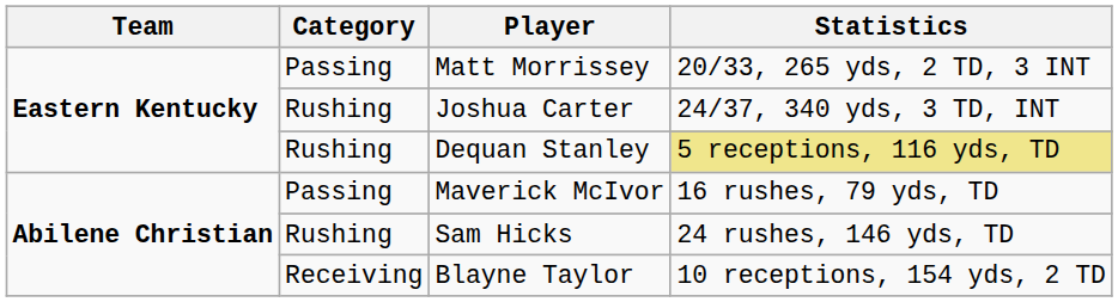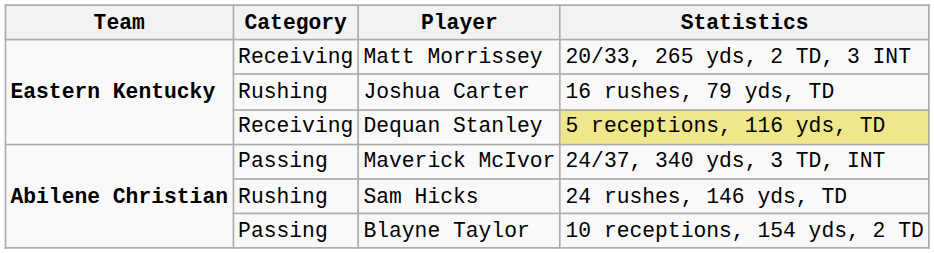 <table class="wikitable" style="float: right;">
 <tr>
 <th>Team</th>
 <th>Category</th>
 <th>Player</th>
 <th>Statistics</th>
 </tr>
 <tr>
 <td rowspan=3><strong>Eastern Kentucky</strong></td>
-<td>Passing</td>
+<td>Receiving</td>
 <td>Matt Morrissey</td>
 <td>20/33, 265 yds, 2 TD, 3 INT</td>
 </tr>
 <tr>
 <td>Rushing</td>
 <td>Joshua Carter</td>
-<td>24/37, 340 yds, 3 TD, INT</td>
+<td>16 rushes, 79 yds, TD</td>
 </tr>
 <tr>
-<td>Rushing</td>
+<td>Receiving</td>
 <td>Dequan Stanley</td>
 <td style="background: khaki;">5 receptions, 116 yds, TD</td>
 </tr>
 <tr>
 <td rowspan=3><strong>Abilene Christian</strong></td>
 <td>Passing</td>
 <td>Maverick McIvor</td>
-<td>16 rushes, 79 yds, TD</td>
+<td>24/37, 340 yds, 3 TD, INT</td>
 </tr>
 <tr>
 <td>Rushing</td>
 <td>Sam Hicks</td>
 <td>24 rushes, 146 yds, TD</td>
 </tr>
 <tr>
-<td>Receiving</td>
+<td>Passing</td>
 <td>Blayne Taylor</td>
 <td>10 receptions, 154 yds, 2 TD</td>
 </tr>
 </table>
